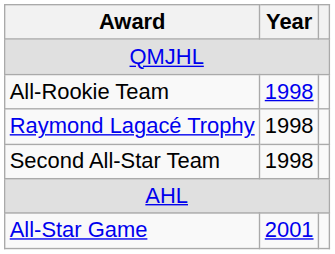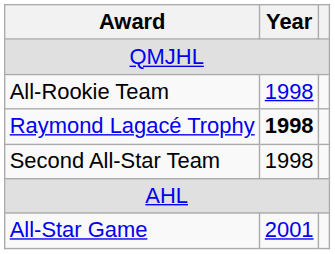 <table class="wikitable">
 <tr>
 <th>Award</th>
 <th>Year</th>
 <th></th>
 </tr>
 <tr ALIGN="center" bgcolor="#e0e0e0">
 <td colspan="3"><a href='#'>QMJHL</a></td>
 </tr>
 <tr>
 <td>All-Rookie Team</td>
 <td><a href='#'>1998</a></td>
 <td></td>
 </tr>
 <tr>
 <td><a href='#'>Raymond Lagacé Trophy</a></td>
-<td>1998</td>
+<td><strong>1998</strong></td>
 <td></td>
 </tr>
 <tr>
 <td>Second All-Star Team</td>
 <td>1998</td>
 <td></td>
 </tr>
 <tr ALIGN="center" bgcolor="#e0e0e0">
 <td colspan="3"><a href='#'>AHL</a></td>
 </tr>
 <tr>
 <td><a href='#'>All-Star Game</a></td>
 <td><a href='#'>2001</a></td>
 <td></td>
 </tr>
 </table>
